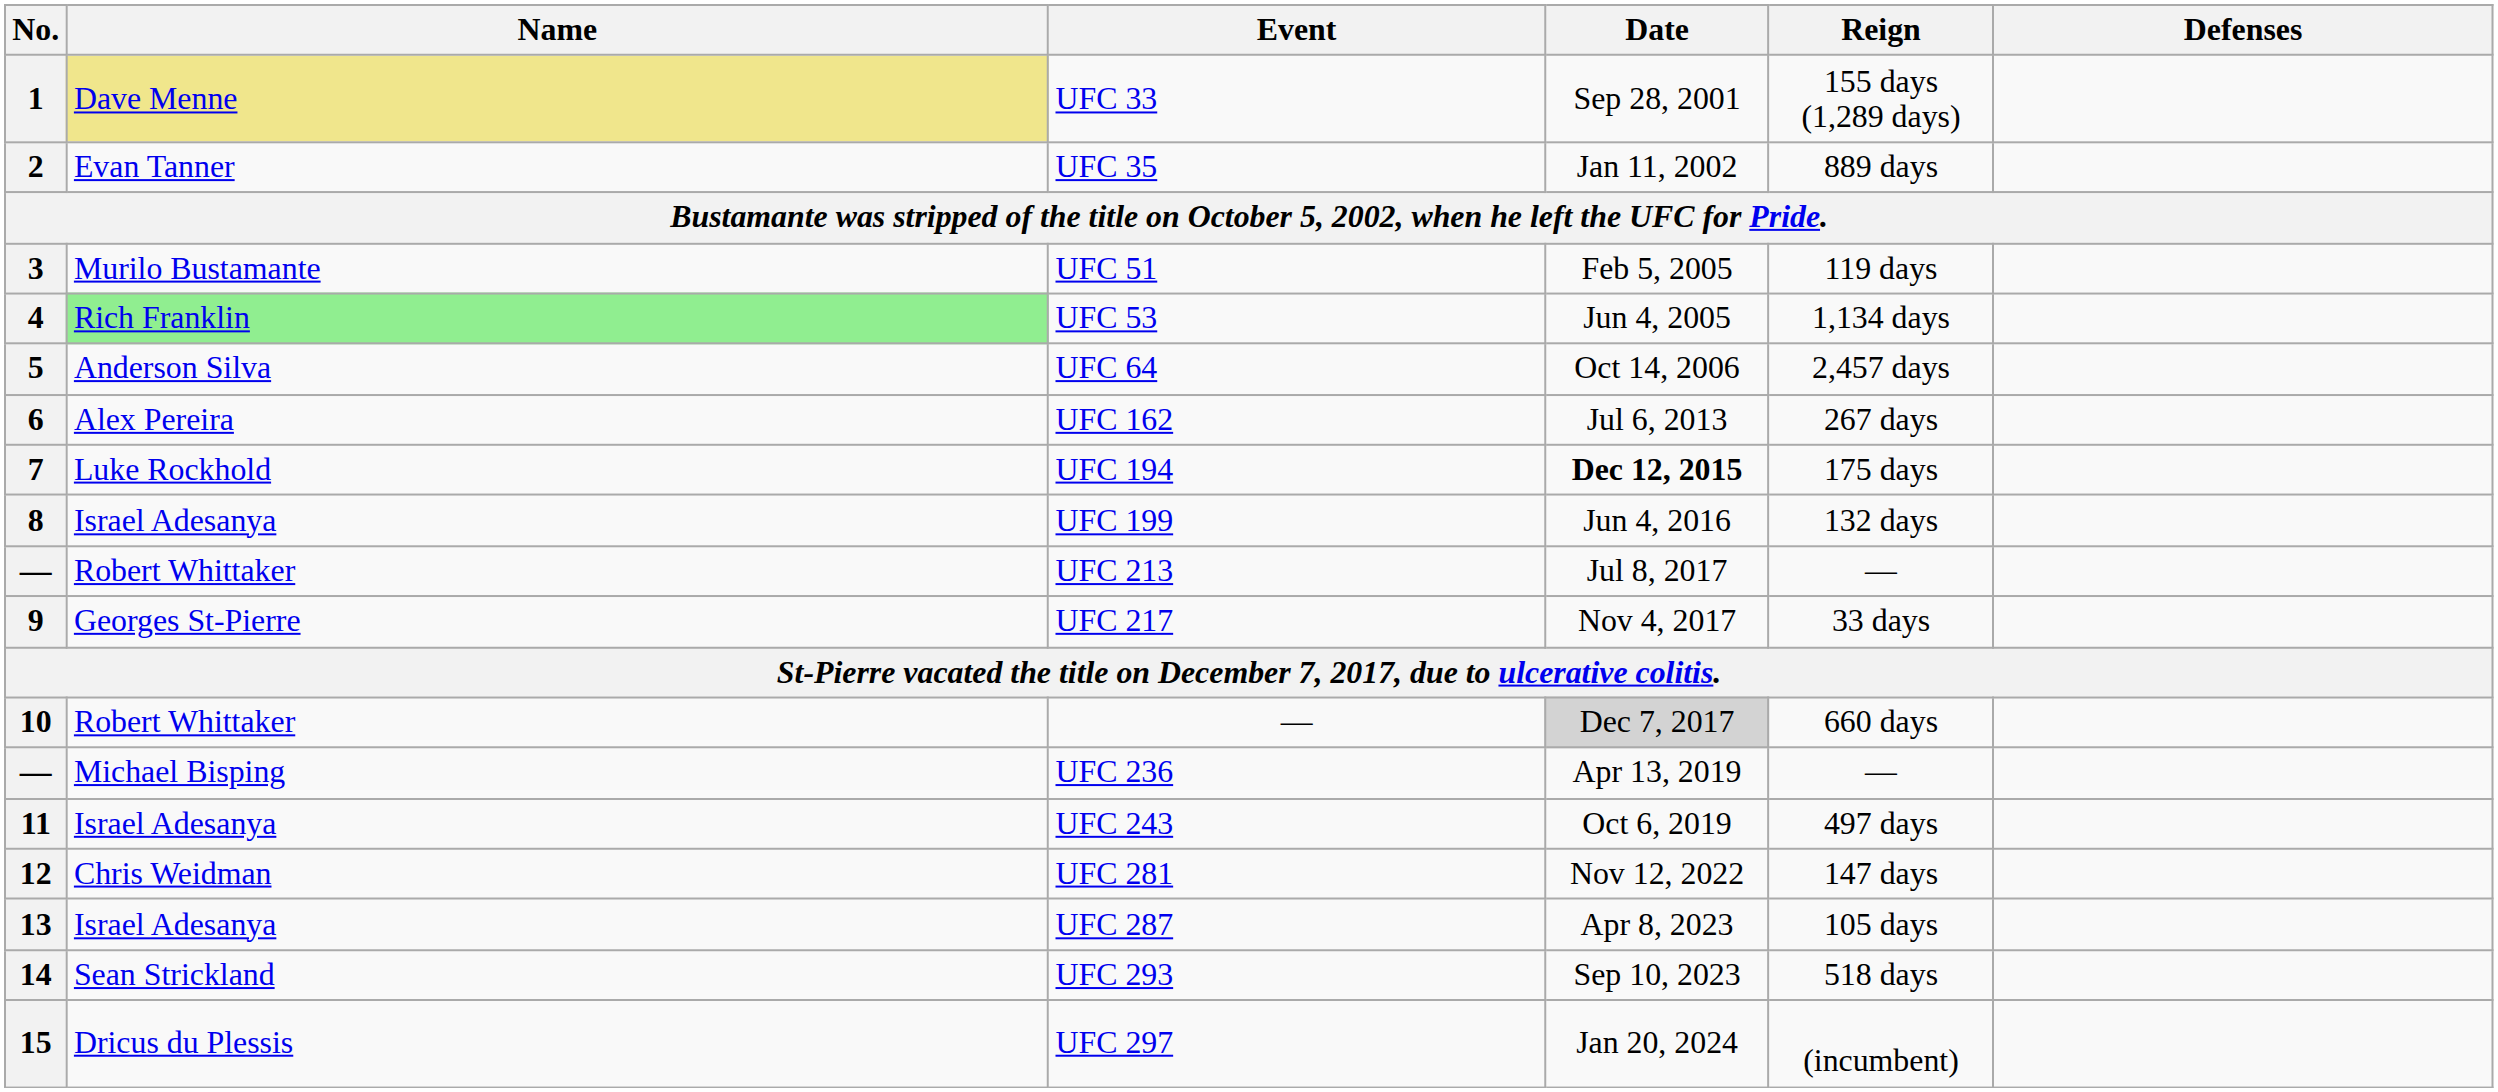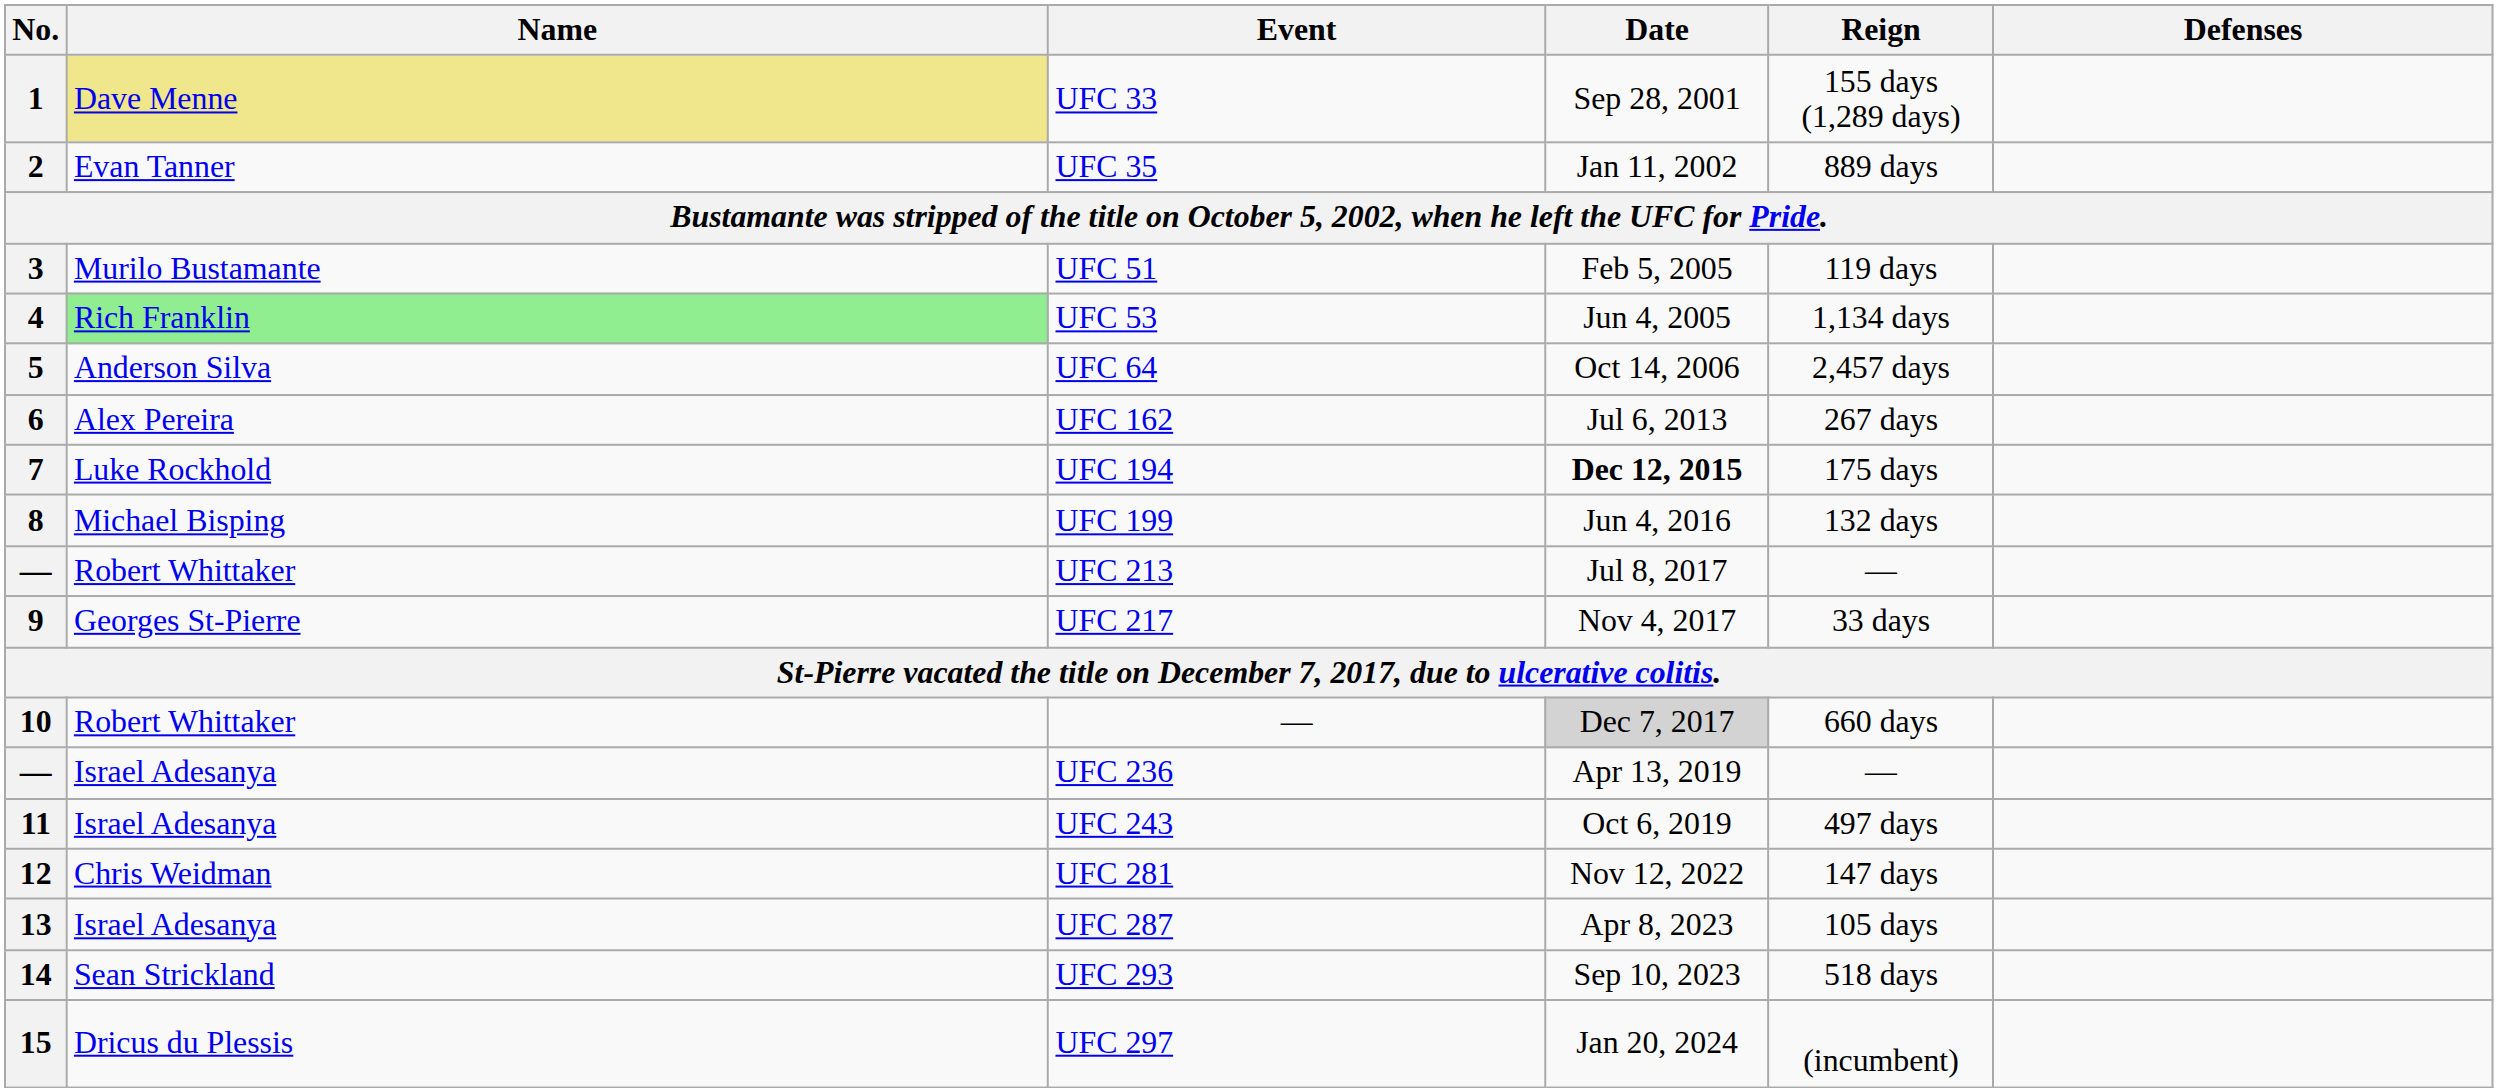 <table class="wikitable" style="width:99%;">
 <tr>
 <th style="width:2%;">No.</th>
 <th>Name</th>
 <th>Event</th>
 <th style="width:9%;">Date</th>
 <th style="width:9%;">Reign</th>
 <th>Defenses</th>
 </tr>
 <tr>
 <th>1</th>
 <td style="background: khaki;"> <a href='#'>Dave Menne</a><br></td>
 <td><a href='#'>UFC 33</a><br></td>
 <td align=center>Sep 28, 2001</td>
 <td style="text-align:center;”">155 days <br>(1,289 days)</td>
 <td></td>
 </tr>
 <tr>
 <th>2</th>
 <td> <a href='#'>Evan Tanner</a><br></td>
 <td><a href='#'>UFC 35</a><br></td>
 <td align=center>Jan 11, 2002</td>
 <td align=center>889 days</td>
 <td><br></td>
 </tr>
 <tr>
 <th colspan=6 align=center><em>Bustamante was stripped of the title on October 5, 2002, when he left the UFC for <a href='#'>Pride</a>.</em></th>
 </tr>
 <tr>
 <th>3</th>
 <td> <a href='#'>Murilo Bustamante</a></td>
 <td><a href='#'>UFC 51</a><br></td>
 <td align=center>Feb 5, 2005</td>
 <td align=center>119 days</td>
 <td></td>
 </tr>
 <tr>
 <th>4</th>
 <td style="background: lightgreen;"> <a href='#'>Rich Franklin</a></td>
 <td><a href='#'>UFC 53</a><br></td>
 <td align=center>Jun 4, 2005</td>
 <td style="text-align:center;”">1,134 days</td>
 <td><br></td>
 </tr>
 <tr>
 <th>5</th>
 <td> <a href='#'>Anderson Silva</a></td>
 <td><a href='#'>UFC 64</a><br></td>
 <td align=center>Oct 14, 2006</td>
 <td align=center>2,457 days</td>
 <td><br></td>
 </tr>
 <tr>
 <th>6</th>
 <td> <a href='#'>Alex Pereira</a></td>
 <td><a href='#'>UFC 162</a><br></td>
 <td align=center>Jul 6, 2013</td>
 <td align=center>267 days</td>
 <td><br></td>
 </tr>
 <tr>
 <th>7</th>
 <td> <a href='#'>Luke Rockhold</a></td>
 <td><a href='#'>UFC 194</a><br></td>
 <td align=center><strong>Dec 12, 2015</strong></td>
 <td align=center>175 days</td>
 <td></td>
 </tr>
 <tr>
 <th>8</th>
-<td> <a href='#'>Israel Adesanya</a><br></td>
+<td> <a href='#'>Michael Bisping</a></td>
 <td><a href='#'>UFC 199</a><br></td>
 <td align=center>Jun 4, 2016</td>
 <td style="text-align:center;”">132 days</td>
 <td><br></td>
 </tr>
 <tr>
 <th>—</th>
 <td> <a href='#'>Robert Whittaker</a><br></td>
 <td><a href='#'>UFC 213</a><br></td>
 <td align=center>Jul 8, 2017</td>
 <td align=center>—</td>
 <td></td>
 </tr>
 <tr>
 <th>9</th>
 <td> <a href='#'>Georges St-Pierre</a></td>
 <td><a href='#'>UFC 217</a><br></td>
 <td align=center>Nov 4, 2017</td>
 <td align=center>33 days</td>
 <td></td>
 </tr>
 <tr>
 <th colspan=6 align=center><em>St-Pierre vacated the title on December 7, 2017, due to <a href='#'>ulcerative colitis</a>.</em></th>
 </tr>
 <tr>
 <th>10</th>
 <td> <a href='#'>Robert Whittaker</a><br></td>
 <td align=center>—</td>
 <td align=center style="background: lightgrey;">Dec 7, 2017</td>
 <td align=center>660 days<br></td>
 <td></td>
 </tr>
 <tr>
 <th>—</th>
-<td> <a href='#'>Michael Bisping</a></td>
+<td> <a href='#'>Israel Adesanya</a><br></td>
 <td><a href='#'>UFC 236</a><br></td>
 <td align=center>Apr 13, 2019</td>
 <td style="text-align:center;”">—</td>
 <td></td>
 </tr>
 <tr>
 <th>11</th>
 <td> <a href='#'>Israel Adesanya</a></td>
 <td><a href='#'>UFC 243</a><br></td>
 <td align=center>Oct 6, 2019</td>
 <td align=center>497 days</td>
 <td><br></td>
 </tr>
 <tr>
 <th>12</th>
 <td> <a href='#'>Chris Weidman</a></td>
 <td><a href='#'>UFC 281</a><br></td>
 <td align=center>Nov 12, 2022</td>
 <td style="text-align:center;”">147 days</td>
 <td></td>
 </tr>
 <tr>
 <th>13</th>
 <td> <a href='#'>Israel Adesanya</a> </td>
 <td><a href='#'>UFC 287</a><br></td>
 <td align=center>Apr 8, 2023</td>
 <td align=center>105 days</td>
 <td></td>
 </tr>
 <tr>
 <th>14</th>
 <td> <a href='#'>Sean Strickland</a></td>
 <td><a href='#'>UFC 293</a><br></td>
 <td align=center>Sep 10, 2023</td>
 <td align=center>518 days</td>
 <td></td>
 </tr>
 <tr>
 <th>15</th>
 <td> <a href='#'>Dricus du Plessis</a></td>
 <td><a href='#'>UFC 297</a><br></td>
 <td align=center>Jan 20, 2024</td>
 <td style="text-align:center;”"><br>(incumbent)</td>
 <td><br></td>
 </tr>
 </table>
